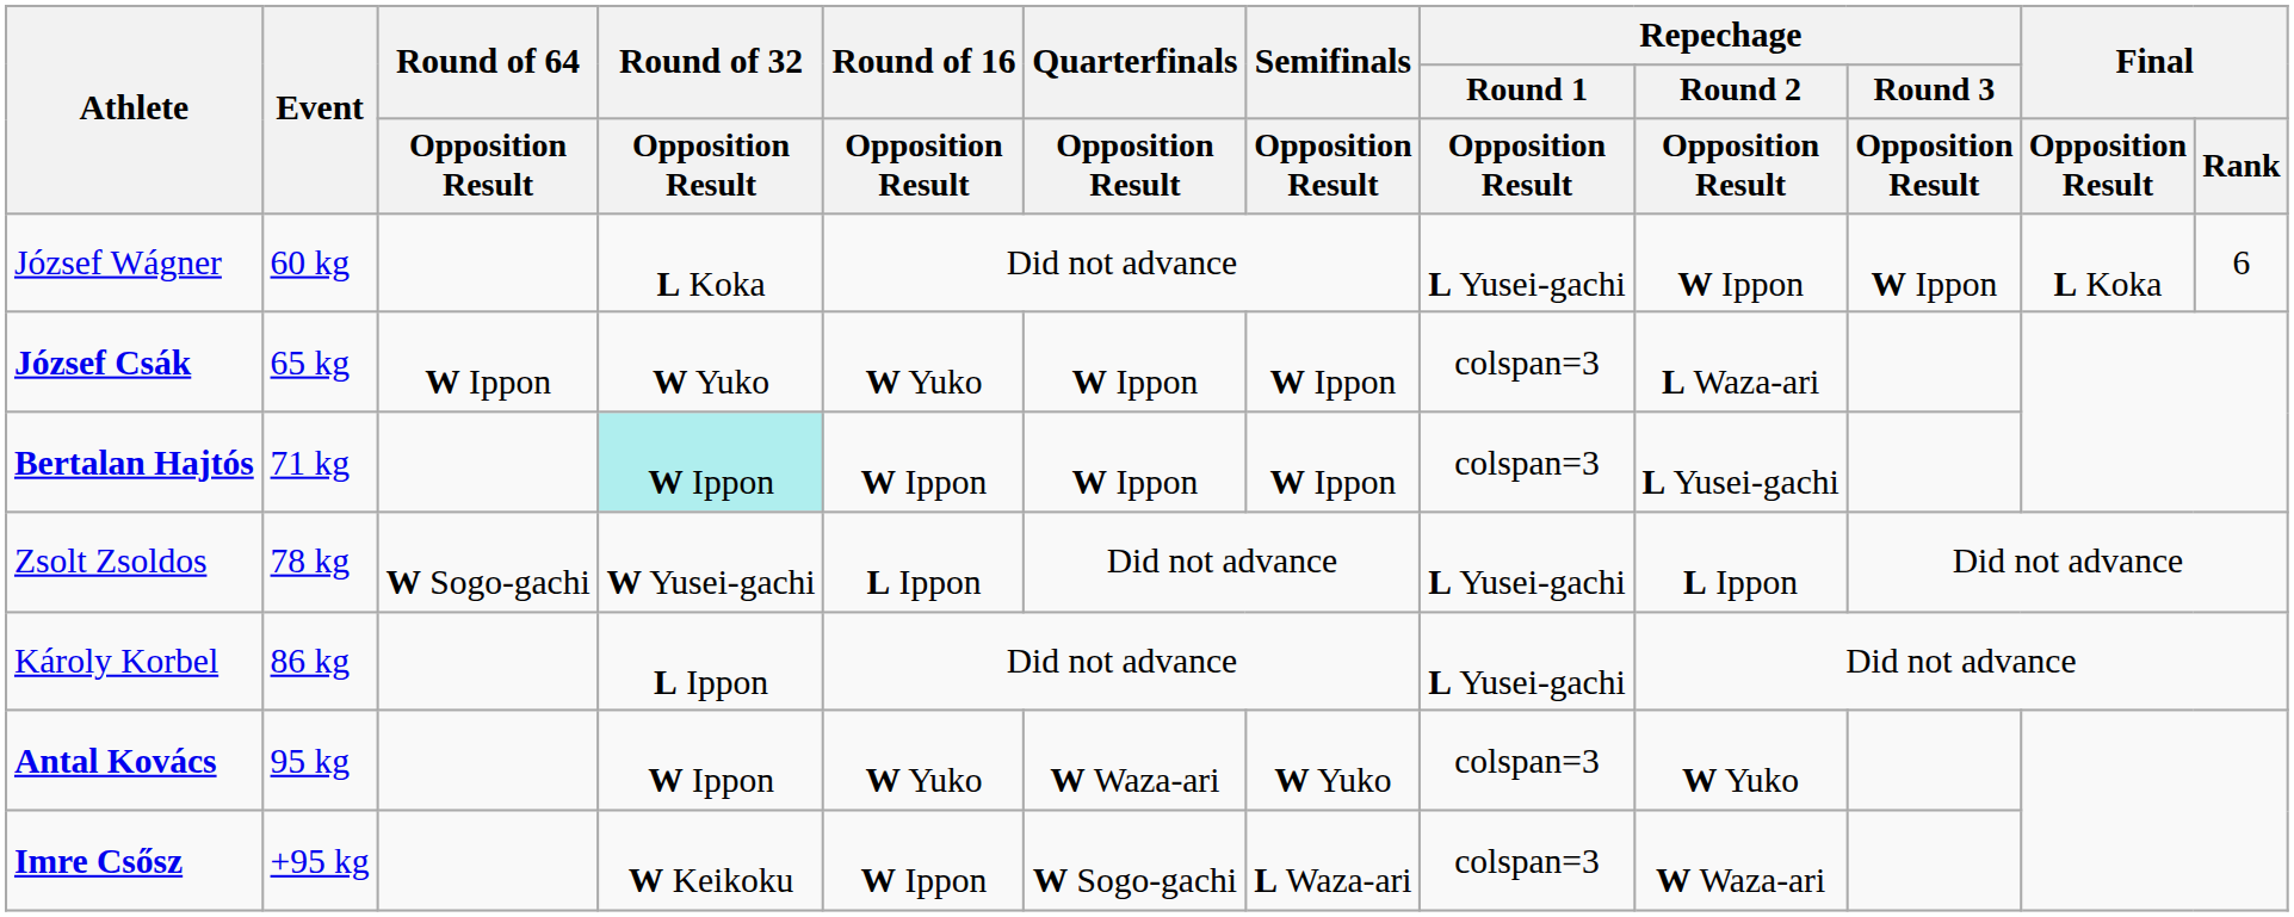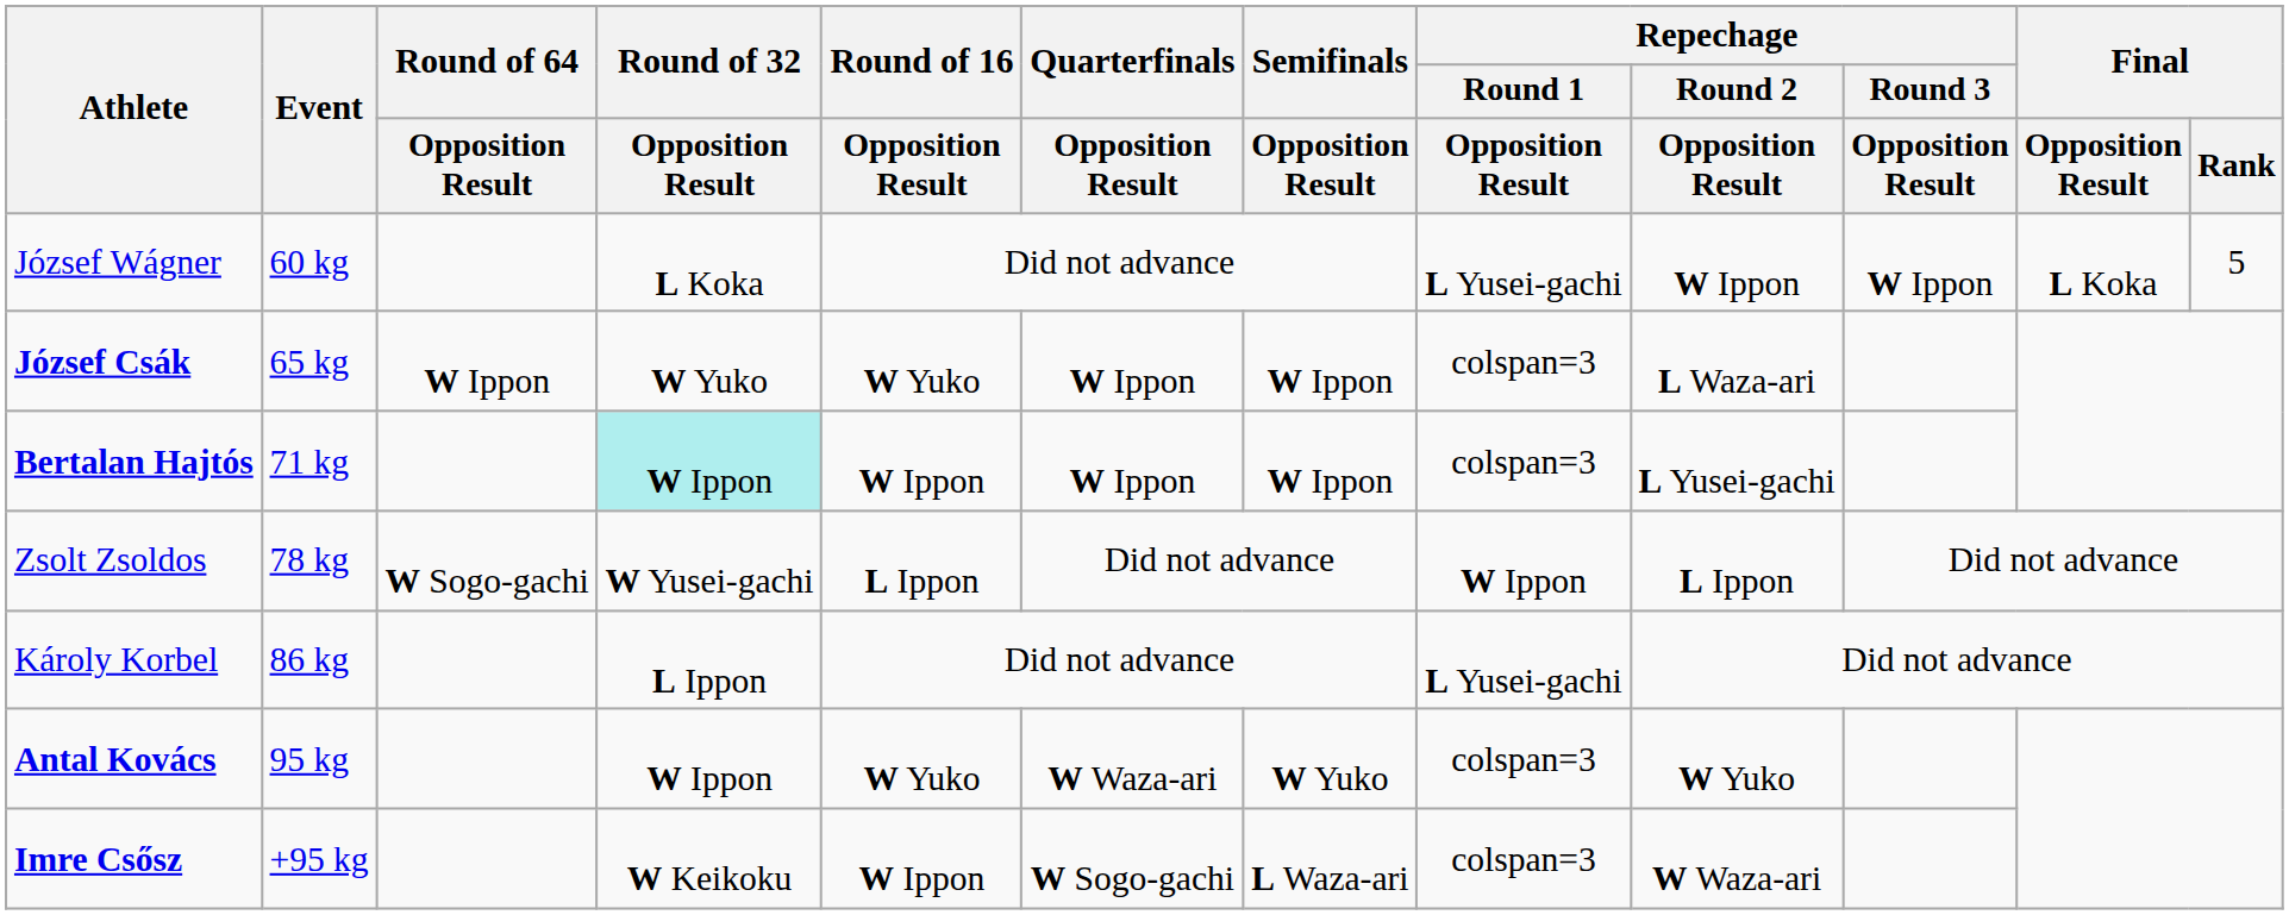 <table class="wikitable" style="font-size:90%">
 <tr>
 <th rowspan="3">Athlete</th>
 <th rowspan="3">Event</th>
 <th rowspan="2">Round of 64</th>
 <th rowspan="2">Round of 32</th>
 <th rowspan="2">Round of 16</th>
 <th rowspan="2">Quarterfinals</th>
 <th rowspan="2">Semifinals</th>
 <th colspan=3>Repechage</th>
 <th rowspan="2" colspan=2>Final</th>
 </tr>
 <tr style="font-size:95%">
 <th>Round 1</th>
 <th>Round 2</th>
 <th>Round 3</th>
 </tr>
 <tr style="font-size:95%">
 <th>Opposition<br>Result</th>
 <th>Opposition<br>Result</th>
 <th>Opposition<br>Result</th>
 <th>Opposition<br>Result</th>
 <th>Opposition<br>Result</th>
 <th>Opposition<br>Result</th>
 <th>Opposition<br>Result</th>
 <th>Opposition<br>Result</th>
 <th>Opposition<br>Result</th>
 <th>Rank</th>
 </tr>
 <tr align=center>
 <td align=left><a href='#'>József Wágner</a></td>
 <td align=left><a href='#'>60 kg</a></td>
 <td></td>
 <td><br><strong>L</strong> Koka</td>
 <td colspan=3>Did not advance</td>
 <td><br><strong>L</strong> Yusei-gachi</td>
 <td><br><strong>W</strong> Ippon</td>
 <td><br><strong>W</strong> Ippon</td>
 <td><br><strong>L</strong> Koka</td>
-<td>6</td>
+<td>5</td>
 </tr>
 <tr align=center>
 <td align=left><strong><a href='#'>József Csák</a></strong></td>
 <td align=left><a href='#'>65 kg</a></td>
 <td><br><strong>W</strong> Ippon</td>
 <td><br><strong>W</strong> Yuko</td>
 <td><br><strong>W</strong> Yuko</td>
 <td><br><strong>W</strong> Ippon</td>
 <td><br><strong>W</strong> Ippon</td>
 <td>colspan=3</td>
 <td><br><strong>L</strong> Waza-ari</td>
 <td></td>
 </tr>
 <tr align=center>
 <td align=left><strong><a href='#'>Bertalan Hajtós</a></strong></td>
 <td align=left><a href='#'>71 kg</a></td>
 <td></td>
 <td style="background: paleturquoise;"><br><strong>W</strong> Ippon</td>
 <td><br><strong>W</strong> Ippon</td>
 <td><br><strong>W</strong> Ippon</td>
 <td><br><strong>W</strong> Ippon</td>
 <td>colspan=3</td>
 <td><br><strong>L</strong> Yusei-gachi</td>
 <td></td>
 </tr>
 <tr align=center>
 <td align=left><a href='#'>Zsolt Zsoldos</a></td>
 <td align=left><a href='#'>78 kg</a></td>
 <td><br><strong>W</strong> Sogo-gachi</td>
 <td><br><strong>W</strong> Yusei-gachi</td>
 <td><br><strong>L</strong> Ippon</td>
 <td colspan=2>Did not advance</td>
-<td><br><strong>L</strong> Yusei-gachi</td>
+<td><br><strong>W</strong> Ippon</td>
 <td><br><strong>L</strong> Ippon</td>
 <td colspan=3>Did not advance</td>
 </tr>
 <tr align=center>
 <td align=left><a href='#'>Károly Korbel</a></td>
 <td align=left><a href='#'>86 kg</a></td>
 <td></td>
 <td><br><strong>L</strong> Ippon</td>
 <td colspan=3>Did not advance</td>
 <td><br><strong>L</strong> Yusei-gachi</td>
 <td colspan=4>Did not advance</td>
 </tr>
 <tr align=center>
 <td align=left><strong><a href='#'>Antal Kovács</a></strong></td>
 <td align=left><a href='#'>95 kg</a></td>
 <td></td>
 <td><br><strong>W</strong> Ippon</td>
 <td><br><strong>W</strong> Yuko</td>
 <td><br><strong>W</strong> Waza-ari</td>
 <td><br><strong>W</strong> Yuko</td>
 <td>colspan=3</td>
 <td><br><strong>W</strong> Yuko</td>
 <td></td>
 </tr>
 <tr align=center>
 <td align=left><strong><a href='#'>Imre Csősz</a></strong></td>
 <td align=left><a href='#'>+95 kg</a></td>
 <td></td>
 <td><br><strong>W</strong> Keikoku</td>
 <td><br><strong>W</strong> Ippon</td>
 <td><br><strong>W</strong> Sogo-gachi</td>
 <td><br><strong>L</strong> Waza-ari</td>
 <td>colspan=3</td>
 <td><br><strong>W</strong> Waza-ari</td>
 <td></td>
 </tr>
 </table>
